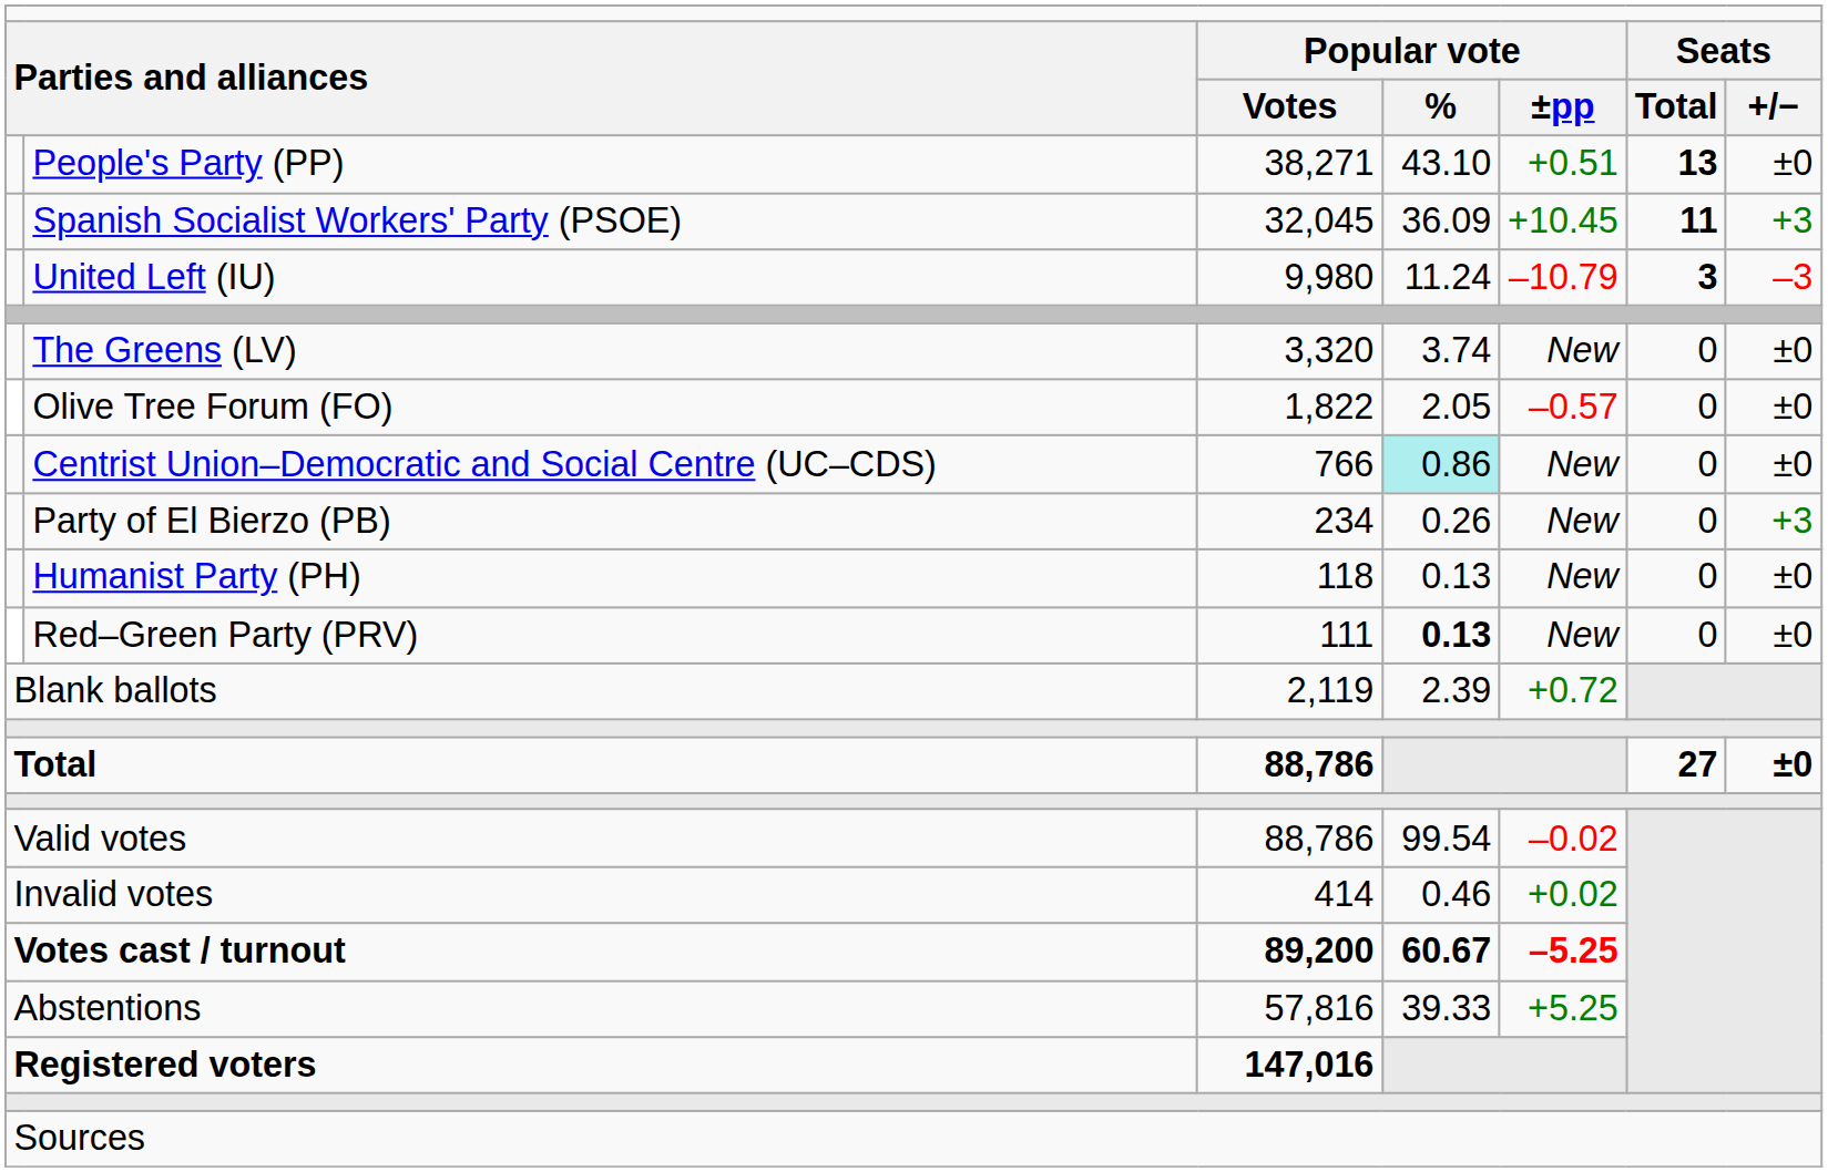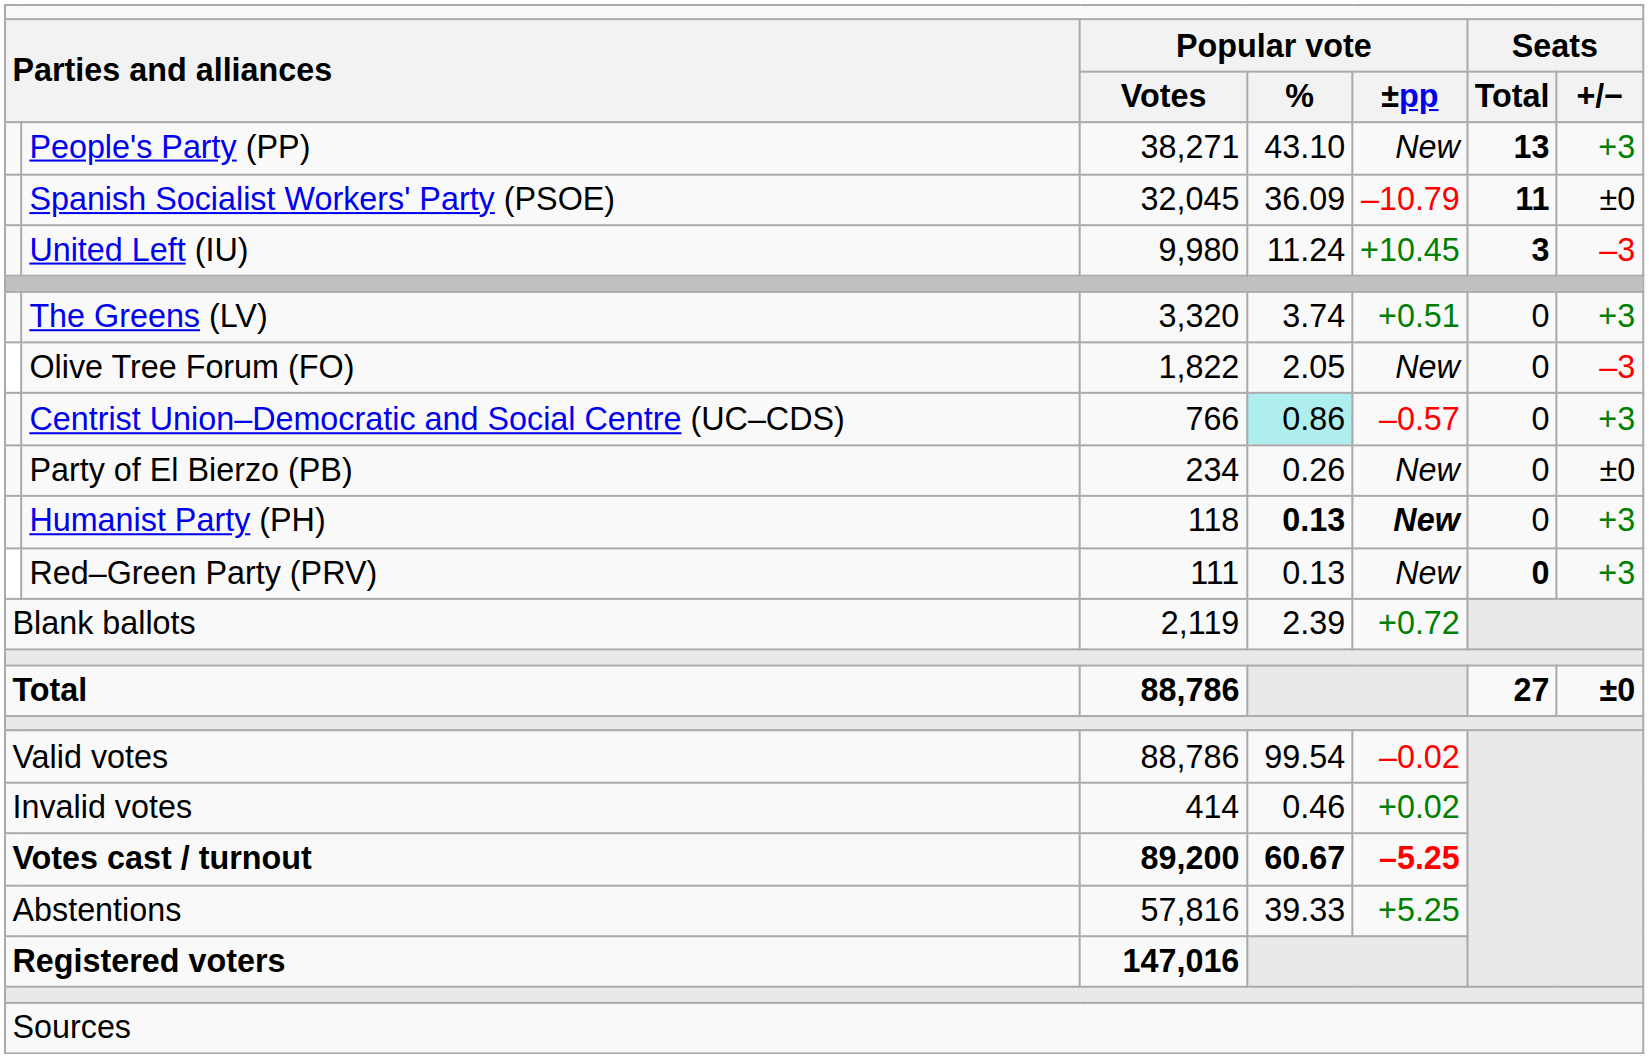 <table class="wikitable" style="text-align:right;">
 <tr>
 <td colspan="7"></td>
 </tr>
 <tr>
 <th style="text-align:left;" rowspan="2" colspan="2" width="525">Parties and alliances</th>
 <th colspan="3">Popular vote</th>
 <th colspan="2">Seats</th>
 </tr>
 <tr>
 <th width="75">Votes</th>
 <th width="45">%</th>
 <th width="45">±<a href='#'>pp</a></th>
 <th width="35">Total</th>
 <th width="35">+/−</th>
 </tr>
 <tr>
 <td width="1" style="color:inherit;background:"></td>
 <td align="left"><a href='#'>People's Party</a> (PP)</td>
 <td>38,271</td>
 <td>43.10</td>
-<td style="color:green;">+0.51</td>
+<td><em>New</em></td>
 <td><strong>13</strong></td>
-<td>±0</td>
+<td style="color:green;">+3</td>
 </tr>
 <tr>
 <td style="color:inherit;background:"></td>
 <td align="left"><a href='#'>Spanish Socialist Workers' Party</a> (PSOE)</td>
 <td>32,045</td>
 <td>36.09</td>
-<td style="color:green;">+10.45</td>
+<td style="color:red;">–10.79</td>
 <td><strong>11</strong></td>
-<td style="color:green;">+3</td>
+<td>±0</td>
 </tr>
 <tr>
 <td style="color:inherit;background:"></td>
 <td align="left"><a href='#'>United Left</a> (IU)</td>
 <td>9,980</td>
 <td>11.24</td>
-<td style="color:red;">–10.79</td>
+<td style="color:green;">+10.45</td>
 <td><strong>3</strong></td>
 <td style="color:red;">–3</td>
 </tr>
 <tr>
 <td colspan="7" bgcolor="#C0C0C0"></td>
 </tr>
 <tr>
 <td style="color:inherit;background:"></td>
 <td align="left"><a href='#'>The Greens</a> (LV)</td>
 <td>3,320</td>
 <td>3.74</td>
-<td><em>New</em></td>
+<td style="color:green;">+0.51</td>
 <td>0</td>
-<td>±0</td>
+<td style="color:green;">+3</td>
 </tr>
 <tr>
 <td bgcolor="white"></td>
 <td align="left">Olive Tree Forum (FO)</td>
 <td>1,822</td>
 <td>2.05</td>
-<td style="color:red;">–0.57</td>
+<td><em>New</em></td>
 <td>0</td>
-<td>±0</td>
+<td style="color:red;">–3</td>
 </tr>
 <tr>
 <td style="color:inherit;background:"></td>
 <td align="left"><a href='#'>Centrist Union–Democratic and Social Centre</a> (UC–CDS)</td>
 <td>766</td>
 <td style="background: paleturquoise;">0.86</td>
-<td><em>New</em></td>
+<td style="color:red;">–0.57</td>
 <td>0</td>
-<td>±0</td>
+<td style="color:green;">+3</td>
 </tr>
 <tr>
 <td style="color:inherit;background:"></td>
 <td align="left">Party of El Bierzo (PB)</td>
 <td>234</td>
 <td>0.26</td>
 <td><em>New</em></td>
 <td>0</td>
-<td style="color:green;">+3</td>
+<td>±0</td>
 </tr>
 <tr>
 <td style="color:inherit;background:"></td>
 <td align="left"><a href='#'>Humanist Party</a> (PH)</td>
 <td>118</td>
-<td>0.13</td>
-<td><em>New</em></td>
+<td><strong>0.13</strong></td>
+<td><strong><em>New</em></strong></td>
 <td>0</td>
-<td>±0</td>
+<td style="color:green;">+3</td>
 </tr>
 <tr>
 <td bgcolor="white"></td>
 <td align="left">Red–Green Party (PRV)</td>
 <td>111</td>
-<td><strong>0.13</strong></td>
+<td>0.13</td>
 <td><em>New</em></td>
-<td>0</td>
-<td>±0</td>
+<td><strong>0</strong></td>
+<td style="color:green;">+3</td>
 </tr>
 <tr>
 <td align="left" colspan="2">Blank ballots</td>
 <td>2,119</td>
 <td>2.39</td>
 <td style="color:green;">+0.72</td>
 <td bgcolor="#E9E9E9" colspan="2"></td>
 </tr>
 <tr>
 <td colspan="7" bgcolor="#E9E9E9"></td>
 </tr>
 <tr style="font-weight:bold;">
 <td align="left" colspan="2">Total</td>
 <td>88,786</td>
 <td bgcolor="#E9E9E9" colspan="2"></td>
 <td>27</td>
 <td>±0</td>
 </tr>
 <tr>
 <td colspan="7" bgcolor="#E9E9E9"></td>
 </tr>
 <tr>
 <td align="left" colspan="2">Valid votes</td>
 <td>88,786</td>
 <td>99.54</td>
 <td style="color:red;">–0.02</td>
 <td bgcolor="#E9E9E9" colspan="2" rowspan="5"></td>
 </tr>
 <tr>
 <td align="left" colspan="2">Invalid votes</td>
 <td>414</td>
 <td>0.46</td>
 <td style="color:green;">+0.02</td>
 </tr>
 <tr style="font-weight:bold;">
 <td align="left" colspan="2">Votes cast / turnout</td>
 <td>89,200</td>
 <td>60.67</td>
 <td style="color:red;">–5.25</td>
 </tr>
 <tr>
 <td align="left" colspan="2">Abstentions</td>
 <td>57,816</td>
 <td>39.33</td>
 <td style="color:green;">+5.25</td>
 </tr>
 <tr style="font-weight:bold;">
 <td align="left" colspan="2">Registered voters</td>
 <td>147,016</td>
 <td bgcolor="#E9E9E9" colspan="2"></td>
 </tr>
 <tr>
 <td colspan="7" bgcolor="#E9E9E9"></td>
 </tr>
 <tr>
 <td align="left" colspan="7">Sources</td>
 </tr>
 </table>
